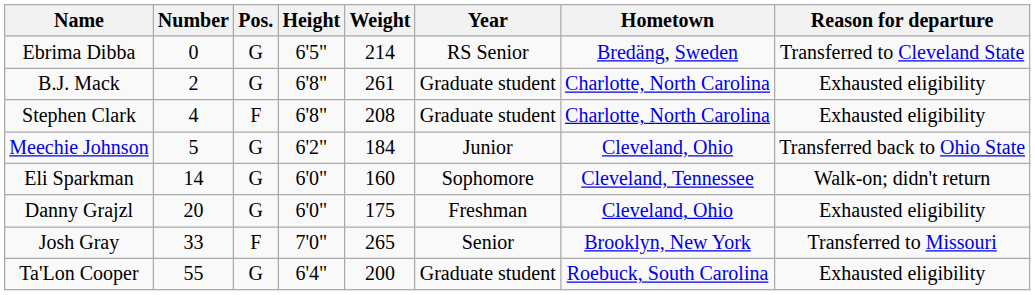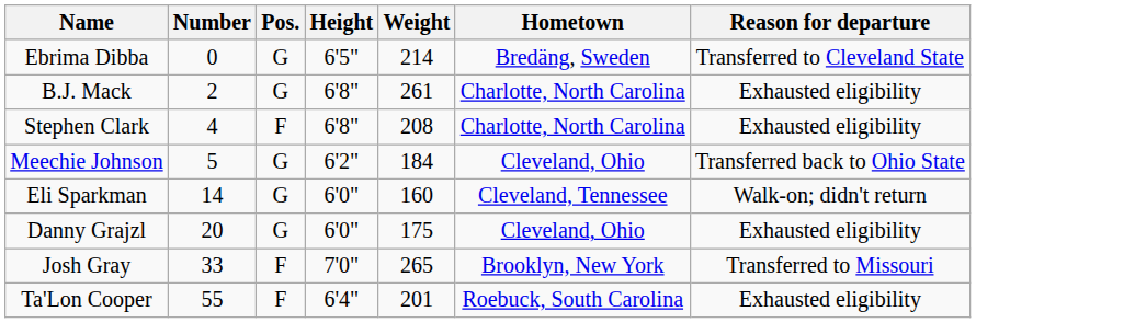 <table class="wikitable sortable sortable" style="text-align:center">
 <tr align=center>
 <th>Name</th>
 <th>Number</th>
 <th>Pos.</th>
 <th>Height</th>
 <th>Weight</th>
-<th>Year</th>
 <th>Hometown</th>
 <th class="unsortable">Reason for departure</th>
 </tr>
 <tr>
 <td>Ebrima Dibba</td>
 <td>0</td>
 <td>G</td>
 <td>6'5"</td>
 <td>214</td>
-<td>RS Senior</td>
 <td><a href='#'>Bredäng</a>, <a href='#'>Sweden</a></td>
 <td>Transferred to <a href='#'>Cleveland State</a></td>
 </tr>
 <tr>
 <td>B.J. Mack</td>
 <td>2</td>
 <td>G</td>
 <td>6'8"</td>
 <td>261</td>
-<td>Graduate student</td>
 <td><a href='#'>Charlotte, North Carolina</a></td>
 <td>Exhausted eligibility</td>
 </tr>
 <tr>
 <td>Stephen Clark</td>
 <td>4</td>
 <td>F</td>
 <td>6'8"</td>
 <td>208</td>
-<td>Graduate student</td>
 <td><a href='#'>Charlotte, North Carolina</a></td>
 <td>Exhausted eligibility</td>
 </tr>
 <tr>
 <td><a href='#'>Meechie Johnson</a></td>
 <td>5</td>
 <td>G</td>
 <td>6'2"</td>
 <td>184</td>
-<td>Junior</td>
 <td><a href='#'>Cleveland, Ohio</a></td>
 <td>Transferred back to <a href='#'>Ohio State</a></td>
 </tr>
 <tr>
 <td>Eli Sparkman</td>
 <td>14</td>
 <td>G</td>
 <td>6'0"</td>
 <td>160</td>
-<td>Sophomore</td>
 <td><a href='#'>Cleveland, Tennessee</a></td>
 <td>Walk-on; didn't return</td>
 </tr>
 <tr>
 <td>Danny Grajzl</td>
 <td>20</td>
 <td>G</td>
 <td>6'0"</td>
 <td>175</td>
-<td>Freshman</td>
 <td><a href='#'>Cleveland, Ohio</a></td>
 <td>Exhausted eligibility</td>
 </tr>
 <tr>
 <td>Josh Gray</td>
 <td>33</td>
 <td>F</td>
 <td>7'0"</td>
 <td>265</td>
-<td>Senior</td>
 <td><a href='#'>Brooklyn, New York</a></td>
 <td>Transferred to <a href='#'>Missouri</a></td>
 </tr>
 <tr>
 <td>Ta'Lon Cooper</td>
 <td>55</td>
-<td>G</td>
+<td>F</td>
 <td>6'4"</td>
-<td>200</td>
-<td>Graduate student</td>
+<td>201</td>
 <td><a href='#'>Roebuck, South Carolina</a></td>
 <td>Exhausted eligibility</td>
 </tr>
 </table>
